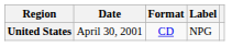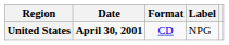 <table class="wikitable plainrowheaders">
 <tr>
 <th scope="col">Region</th>
 <th scope="col">Date</th>
 <th scope="col">Format</th>
 <th scope="col">Label</th>
 <th scope="col"></th>
 </tr>
 <tr>
 <th scope="row">United States</th>
-<td>April 30, 2001</td>
+<td><strong>April 30, 2001</strong></td>
 <td rowspan="2" align="center"><a href='#'>CD</a></td>
 <td>NPG</td>
 <td align="center"></td>
 </tr>
 </table>
